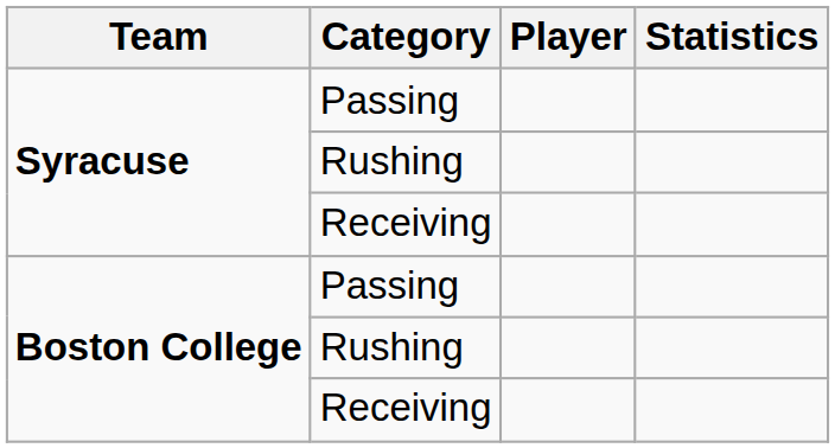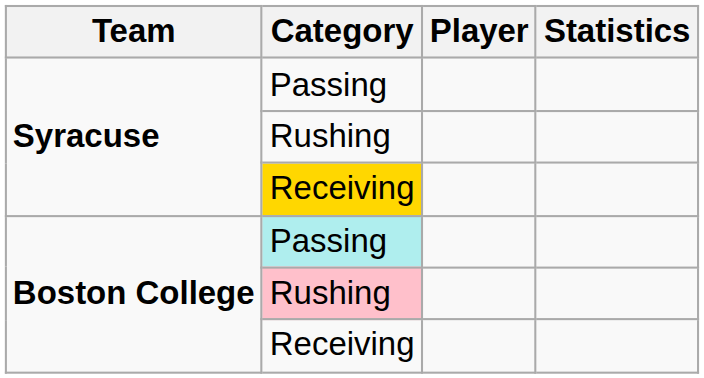 <table class="wikitable" style="float: right;">
 <tr>
 <th>Team</th>
 <th>Category</th>
 <th>Player</th>
 <th>Statistics</th>
 </tr>
 <tr>
 <td rowspan=3><strong>Syracuse</strong></td>
 <td>Passing</td>
 <td></td>
 <td></td>
 </tr>
 <tr>
 <td>Rushing</td>
 <td></td>
 <td></td>
 </tr>
 <tr>
-<td>Receiving</td>
+<td style="background: gold;">Receiving</td>
 <td></td>
 <td></td>
 </tr>
 <tr>
 <td rowspan=3><strong>Boston College</strong></td>
-<td>Passing</td>
+<td style="background: paleturquoise;">Passing</td>
 <td></td>
 <td></td>
 </tr>
 <tr>
-<td>Rushing</td>
+<td style="background: pink;">Rushing</td>
 <td></td>
 <td></td>
 </tr>
 <tr>
 <td>Receiving</td>
 <td></td>
 <td></td>
 </tr>
 </table>
